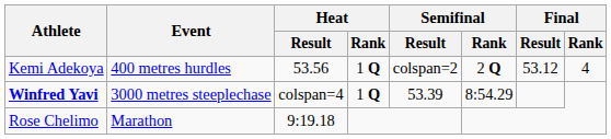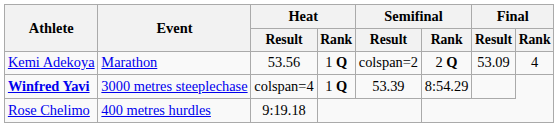 <table class="wikitable" style="font-size:90%">
 <tr>
 <th rowspan="2">Athlete</th>
 <th rowspan="2">Event</th>
 <th colspan="2">Heat</th>
 <th colspan="2">Semifinal</th>
 <th colspan="2">Final</th>
 </tr>
 <tr style="font-size:95%">
 <th>Result</th>
 <th>Rank</th>
 <th>Result</th>
 <th>Rank</th>
 <th>Result</th>
 <th>Rank</th>
 </tr>
 <tr align=center>
 <td align=left><a href='#'>Kemi Adekoya</a></td>
-<td align=left><a href='#'>400 metres hurdles</a></td>
+<td align=left><a href='#'>Marathon</a></td>
 <td>53.56 </td>
 <td>1 <strong>Q</strong></td>
 <td>colspan=2</td>
 <td>2 <strong>Q</strong></td>
-<td>53.12 </td>
+<td>53.09 </td>
 <td>4</td>
 </tr>
 <tr align=center>
 <td align=left><strong><a href='#'>Winfred Yavi</a></strong></td>
 <td align=left><a href='#'>3000 metres steeplechase</a></td>
 <td>colspan=4</td>
 <td>1 <strong>Q</strong></td>
 <td>53.39 </td>
 <td>8:54.29 </td>
 <td></td>
 </tr>
 <tr align=center>
 <td align=left><a href='#'>Rose Chelimo</a></td>
-<td align=left><a href='#'>Marathon</a></td>
+<td align=left><a href='#'>400 metres hurdles</a></td>
 <td>9:19.18</td>
 <td colspan=2></td>
 </tr>
 </table>
